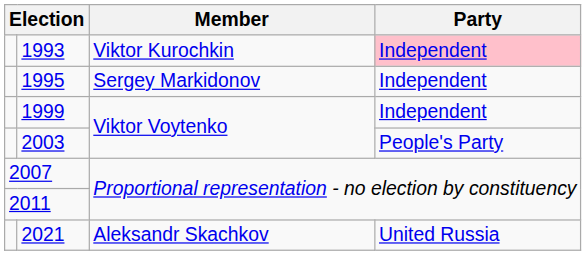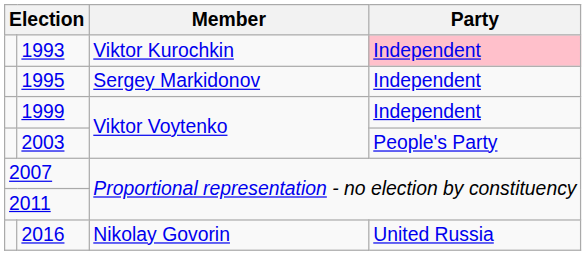 <table class="wikitable">
 <tr>
 <th colspan="2">Election</th>
 <th>Member</th>
 <th>Party</th>
 </tr>
 <tr>
 <td style="background-color:"></td>
 <td><a href='#'>1993</a></td>
 <td><a href='#'>Viktor Kurochkin</a></td>
 <td style="background: pink;"><a href='#'>Independent</a></td>
 </tr>
 <tr>
 <td style="background-color:"></td>
 <td><a href='#'>1995</a></td>
 <td><a href='#'>Sergey Markidonov</a></td>
 <td><a href='#'>Independent</a></td>
 </tr>
 <tr>
 <td style="background-color:"></td>
 <td><a href='#'>1999</a></td>
 <td rowspan=2><a href='#'>Viktor Voytenko</a></td>
 <td><a href='#'>Independent</a></td>
 </tr>
 <tr>
 <td style="background-color:"></td>
 <td><a href='#'>2003</a></td>
 <td><a href='#'>People's Party</a></td>
 </tr>
 <tr>
 <td colspan=2><a href='#'>2007</a></td>
 <td colspan=2 rowspan=2><em><a href='#'>Proportional representation</a> - no election by constituency</em></td>
 </tr>
 <tr>
 <td colspan=2><a href='#'>2011</a></td>
 </tr>
 <tr>
 <td style="background-color:"></td>
-<td><a href='#'>2021</a></td>
-<td><a href='#'>Aleksandr Skachkov</a></td>
+<td><a href='#'>2016</a></td>
+<td><a href='#'>Nikolay Govorin</a></td>
 <td><a href='#'>United Russia</a></td>
 </tr>
 </table>
